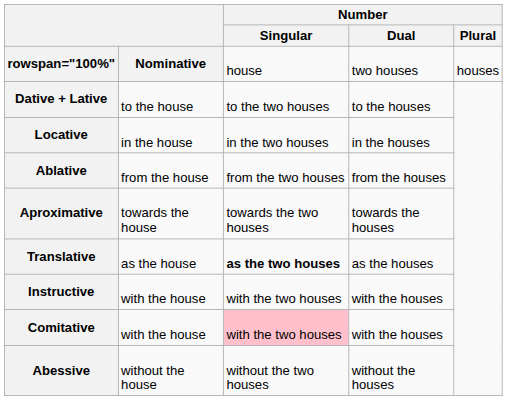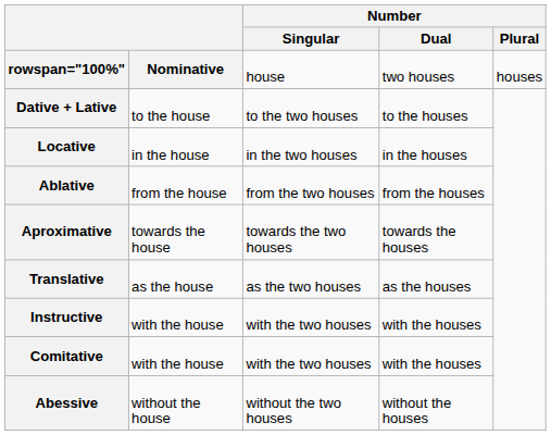 <table class="wikitable">
 <tr>
 <th colspan=2 rowspan=2></th>
 <th colspan="100%">Number</th>
 </tr>
 <tr>
 <th>Singular</th>
 <th>Dual</th>
 <th>Plural</th>
 </tr>
 <tr>
 <th>rowspan="100%" </th>
 <th>Nominative</th>
 <td><br>house</td>
 <td><br>two houses</td>
 <td><br>houses</td>
 </tr>
 <tr>
 <th>Dative + Lative</th>
 <td><br>to the house</td>
 <td><br>to the two houses</td>
 <td><br>to the houses</td>
 </tr>
 <tr>
 <th>Locative</th>
 <td><br>in the house</td>
 <td><br>in the two houses</td>
 <td><br>in the houses</td>
 </tr>
 <tr>
 <th>Ablative</th>
 <td><br>from the house</td>
 <td><br>from the two houses</td>
 <td><br>from the houses</td>
 </tr>
 <tr>
 <th>Aproximative</th>
 <td><br>towards the house</td>
 <td><br>towards the two houses</td>
 <td><br>towards the houses</td>
 </tr>
 <tr>
 <th>Translative</th>
 <td><br>as the house</td>
-<td><strong><br>as the two houses</strong></td>
+<td><br>as the two houses</td>
 <td><br>as the houses</td>
 </tr>
 <tr>
 <th>Instructive</th>
 <td><br>with the house</td>
 <td><br>with the two houses</td>
 <td><br>with the houses</td>
 </tr>
 <tr>
 <th>Comitative</th>
 <td><br>with the house</td>
-<td style="background: pink;"><br>with the two houses</td>
+<td><br>with the two houses</td>
 <td><br>with the houses</td>
 </tr>
 <tr>
 <th>Abessive</th>
 <td><br>without the house</td>
 <td><br>without the two houses</td>
 <td><br>without the houses</td>
 </tr>
 </table>
